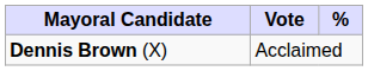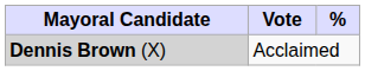 <table class="wikitable">
 <tr>
 <th style="background:#ddf; width:200px;">Mayoral Candidate</th>
 <th style="background:#ddf; width:50px;">Vote</th>
 <th style="background:#ddf; width:30px;">%</th>
 </tr>
 <tr>
-<td><strong>Dennis Brown</strong> (X)</td>
+<td style="background: lightgrey;"><strong>Dennis Brown</strong> (X)</td>
 <td colspan="2">Acclaimed</td>
 </tr>
 </table>
